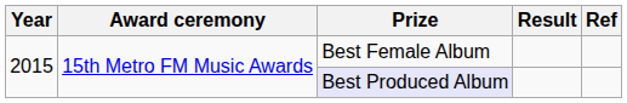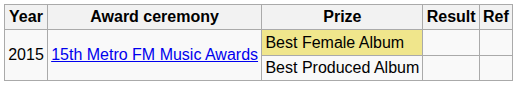 <table class ="wikitable">
 <tr>
 <th>Year</th>
 <th>Award ceremony</th>
 <th>Prize</th>
 <th>Result</th>
 <th>Ref</th>
 </tr>
 <tr>
 <td rowspan="2">2015</td>
 <td rowspan="2"><a href='#'>15th Metro FM Music Awards</a></td>
-<td>Best Female Album</td>
+<td style="background: khaki;">Best Female Album</td>
 <td></td>
 <td></td>
 </tr>
 <tr>
-<td style="background: lavender;">Best Produced Album</td>
+<td>Best Produced Album</td>
 <td></td>
 <td></td>
 </tr>
 </table>
